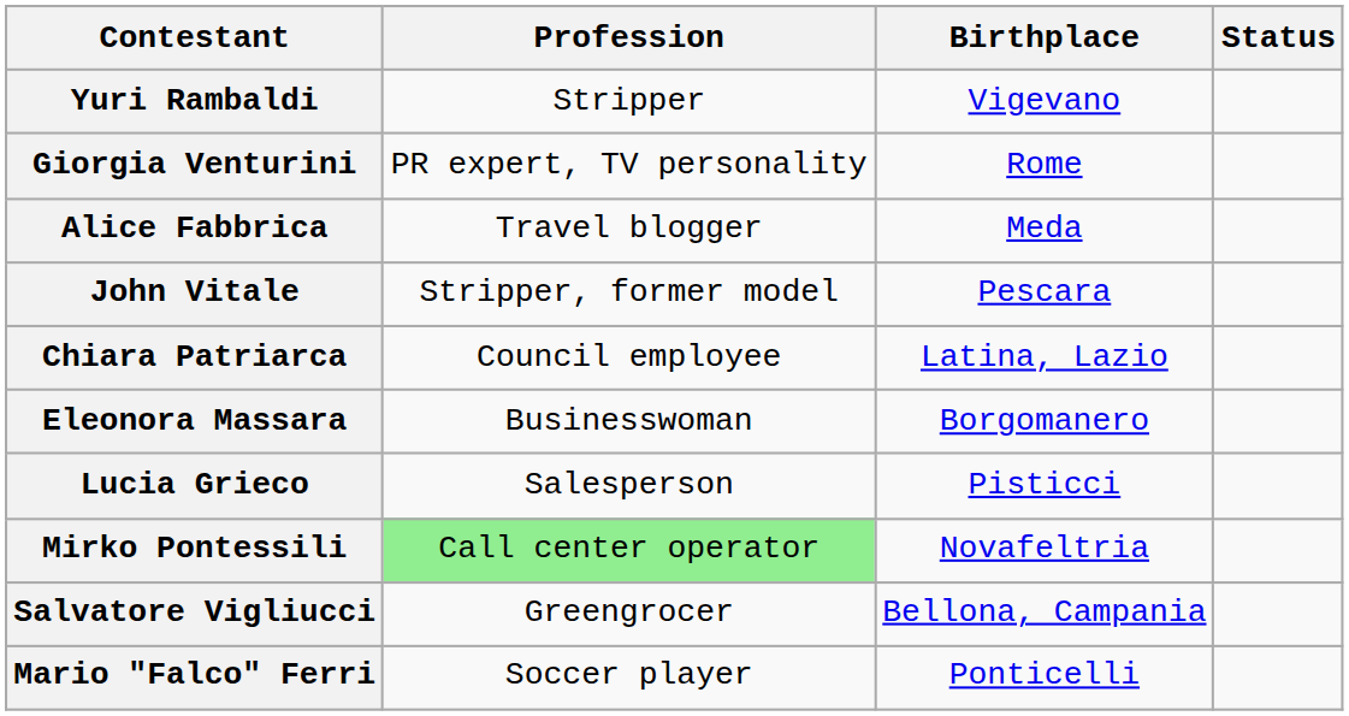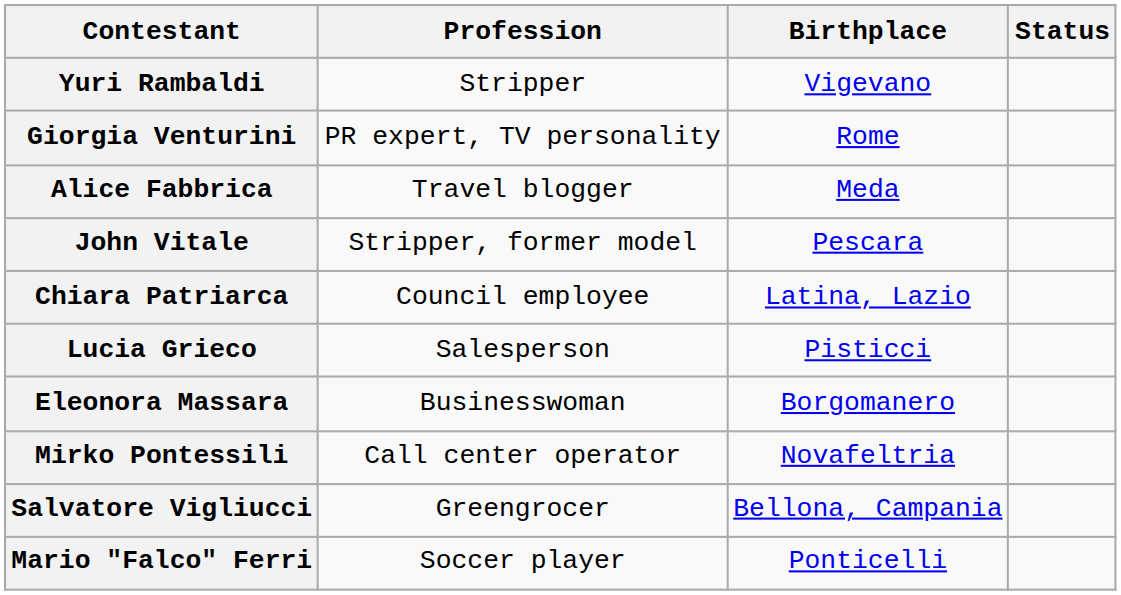 <table class="wikitable sortable" style="text-align:center; line-height:20px;">
 <tr>
 <th>Contestant</th>
 <th>Profession</th>
 <th>Birthplace</th>
 <th>Status</th>
 </tr>
 <tr>
 <th>Yuri Rambaldi</th>
 <td>Stripper</td>
 <td><a href='#'>Vigevano</a></td>
 <td></td>
 </tr>
 <tr>
 <th>Giorgia Venturini</th>
 <td>PR expert, TV personality</td>
 <td><a href='#'>Rome</a></td>
 <td></td>
 </tr>
 <tr>
 <th>Alice Fabbrica</th>
 <td>Travel blogger</td>
 <td><a href='#'>Meda</a></td>
 <td></td>
 </tr>
 <tr>
 <th>John Vitale</th>
 <td>Stripper, former model</td>
 <td><a href='#'>Pescara</a></td>
 <td></td>
 </tr>
 <tr>
 <th>Chiara Patriarca</th>
 <td>Council employee</td>
 <td><a href='#'>Latina, Lazio</a></td>
 <td></td>
 </tr>
 <tr>
+<th>Lucia Grieco</th>
+<td>Salesperson</td>
+<td><a href='#'>Pisticci</a></td>
+<td></td>
+</tr>
+<tr>
 <th>Eleonora Massara</th>
 <td>Businesswoman</td>
 <td><a href='#'>Borgomanero</a></td>
 <td></td>
 </tr>
 <tr>
-<th>Lucia Grieco</th>
-<td>Salesperson</td>
-<td><a href='#'>Pisticci</a></td>
-<td></td>
-</tr>
-<tr>
 <th>Mirko Pontessili</th>
-<td style="background: lightgreen;">Call center operator</td>
+<td>Call center operator</td>
 <td><a href='#'>Novafeltria</a></td>
 <td></td>
 </tr>
 <tr>
 <th>Salvatore Vigliucci</th>
 <td>Greengrocer</td>
 <td><a href='#'>Bellona, Campania</a></td>
 <td></td>
 </tr>
 <tr>
 <th>Mario "Falco" Ferri</th>
 <td>Soccer player</td>
 <td><a href='#'>Ponticelli</a></td>
 <td></td>
 </tr>
 </table>
